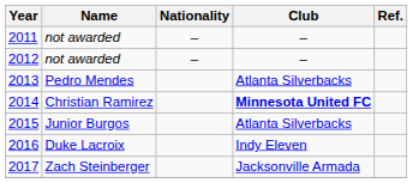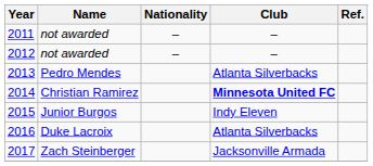 <table class="wikitable sortable">
 <tr>
 <th>Year</th>
 <th>Name</th>
 <th>Nationality</th>
 <th>Club</th>
 <th>Ref.</th>
 </tr>
 <tr>
 <td><a href='#'>2011</a></td>
 <td><em>not awarded</em></td>
 <td align="center">–</td>
 <td align="center">–</td>
 <td></td>
 </tr>
 <tr>
 <td><a href='#'>2012</a></td>
 <td><em>not awarded</em></td>
 <td align="center">–</td>
 <td align="center">–</td>
 <td></td>
 </tr>
 <tr>
 <td><a href='#'>2013</a></td>
 <td><a href='#'>Pedro Mendes</a></td>
 <td></td>
 <td><a href='#'>Atlanta Silverbacks</a></td>
 <td></td>
 </tr>
 <tr>
 <td><a href='#'>2014</a></td>
 <td><a href='#'>Christian Ramirez</a></td>
 <td></td>
 <td><strong><a href='#'>Minnesota United FC</a></strong></td>
 <td></td>
 </tr>
 <tr>
 <td><a href='#'>2015</a></td>
 <td><a href='#'>Junior Burgos</a></td>
 <td></td>
-<td><a href='#'>Atlanta Silverbacks</a></td>
+<td><a href='#'>Indy Eleven</a></td>
 <td></td>
 </tr>
 <tr>
 <td><a href='#'>2016</a></td>
 <td><a href='#'>Duke Lacroix</a></td>
 <td></td>
-<td><a href='#'>Indy Eleven</a></td>
+<td><a href='#'>Atlanta Silverbacks</a></td>
 <td></td>
 </tr>
 <tr>
 <td><a href='#'>2017</a></td>
 <td><a href='#'>Zach Steinberger</a></td>
 <td></td>
 <td><a href='#'>Jacksonville Armada</a></td>
 <td></td>
 </tr>
 <tr>
 </tr>
 </table>
